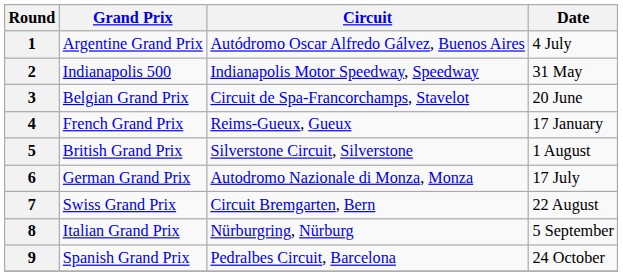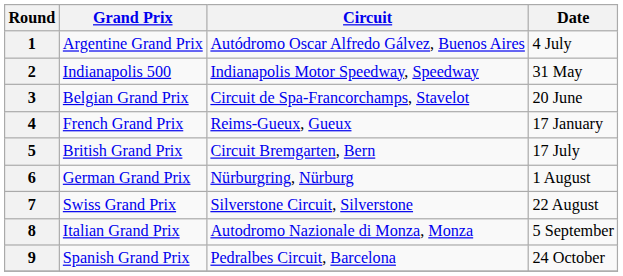 <table class="wikitable" style="font-size: 85%;">
 <tr>
 <th>Round</th>
 <th><a href='#'>Grand Prix</a></th>
 <th><a href='#'>Circuit</a></th>
 <th>Date</th>
 </tr>
 <tr>
 <th>1</th>
 <td><a href='#'>Argentine Grand Prix</a></td>
 <td> <a href='#'>Autódromo Oscar Alfredo Gálvez</a>, <a href='#'>Buenos Aires</a></td>
 <td>4 July</td>
 </tr>
 <tr>
 <th>2</th>
 <td><a href='#'>Indianapolis 500</a></td>
 <td> <a href='#'>Indianapolis Motor Speedway</a>, <a href='#'>Speedway</a></td>
 <td>31 May</td>
 </tr>
 <tr>
 <th>3</th>
 <td><a href='#'>Belgian Grand Prix</a></td>
 <td> <a href='#'>Circuit de Spa-Francorchamps</a>, <a href='#'>Stavelot</a></td>
 <td>20 June</td>
 </tr>
 <tr>
 <th>4</th>
 <td><a href='#'>French Grand Prix</a></td>
 <td> <a href='#'>Reims-Gueux</a>, <a href='#'>Gueux</a></td>
 <td>17 January</td>
 </tr>
 <tr>
 <th>5</th>
 <td><a href='#'>British Grand Prix</a></td>
-<td> <a href='#'>Silverstone Circuit</a>, <a href='#'>Silverstone</a></td>
-<td>1 August</td>
+<td> <a href='#'>Circuit Bremgarten</a>, <a href='#'>Bern</a></td>
+<td>17 July</td>
 </tr>
 <tr>
 <th>6</th>
 <td><a href='#'>German Grand Prix</a></td>
-<td> <a href='#'>Autodromo Nazionale di Monza</a>, <a href='#'>Monza</a></td>
-<td>17 July</td>
+<td> <a href='#'>Nürburgring</a>, <a href='#'>Nürburg</a></td>
+<td>1 August</td>
 </tr>
 <tr>
 <th>7</th>
 <td><a href='#'>Swiss Grand Prix</a></td>
-<td> <a href='#'>Circuit Bremgarten</a>, <a href='#'>Bern</a></td>
+<td> <a href='#'>Silverstone Circuit</a>, <a href='#'>Silverstone</a></td>
 <td>22 August</td>
 </tr>
 <tr>
 <th>8</th>
 <td><a href='#'>Italian Grand Prix</a></td>
-<td> <a href='#'>Nürburgring</a>, <a href='#'>Nürburg</a></td>
+<td> <a href='#'>Autodromo Nazionale di Monza</a>, <a href='#'>Monza</a></td>
 <td>5 September</td>
 </tr>
 <tr>
 <th>9</th>
 <td><a href='#'>Spanish Grand Prix</a></td>
 <td> <a href='#'>Pedralbes Circuit</a>, <a href='#'>Barcelona</a></td>
 <td>24 October</td>
 </tr>
 <tr>
 </tr>
 </table>
